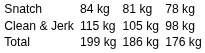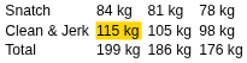 <table>
 <tr>
 <td>Snatch</td>
 <td></td>
 <td>84 kg</td>
 <td></td>
 <td>81 kg</td>
 <td></td>
 <td>78 kg</td>
 </tr>
 <tr>
 <td>Clean & Jerk</td>
 <td></td>
-<td>115 kg</td>
+<td style="background: gold;">115 kg</td>
 <td></td>
 <td>105 kg</td>
 <td></td>
 <td>98 kg</td>
 </tr>
 <tr>
 <td>Total</td>
 <td></td>
 <td>199 kg</td>
 <td></td>
 <td>186 kg</td>
 <td></td>
 <td>176 kg</td>
 </tr>
 </table>
